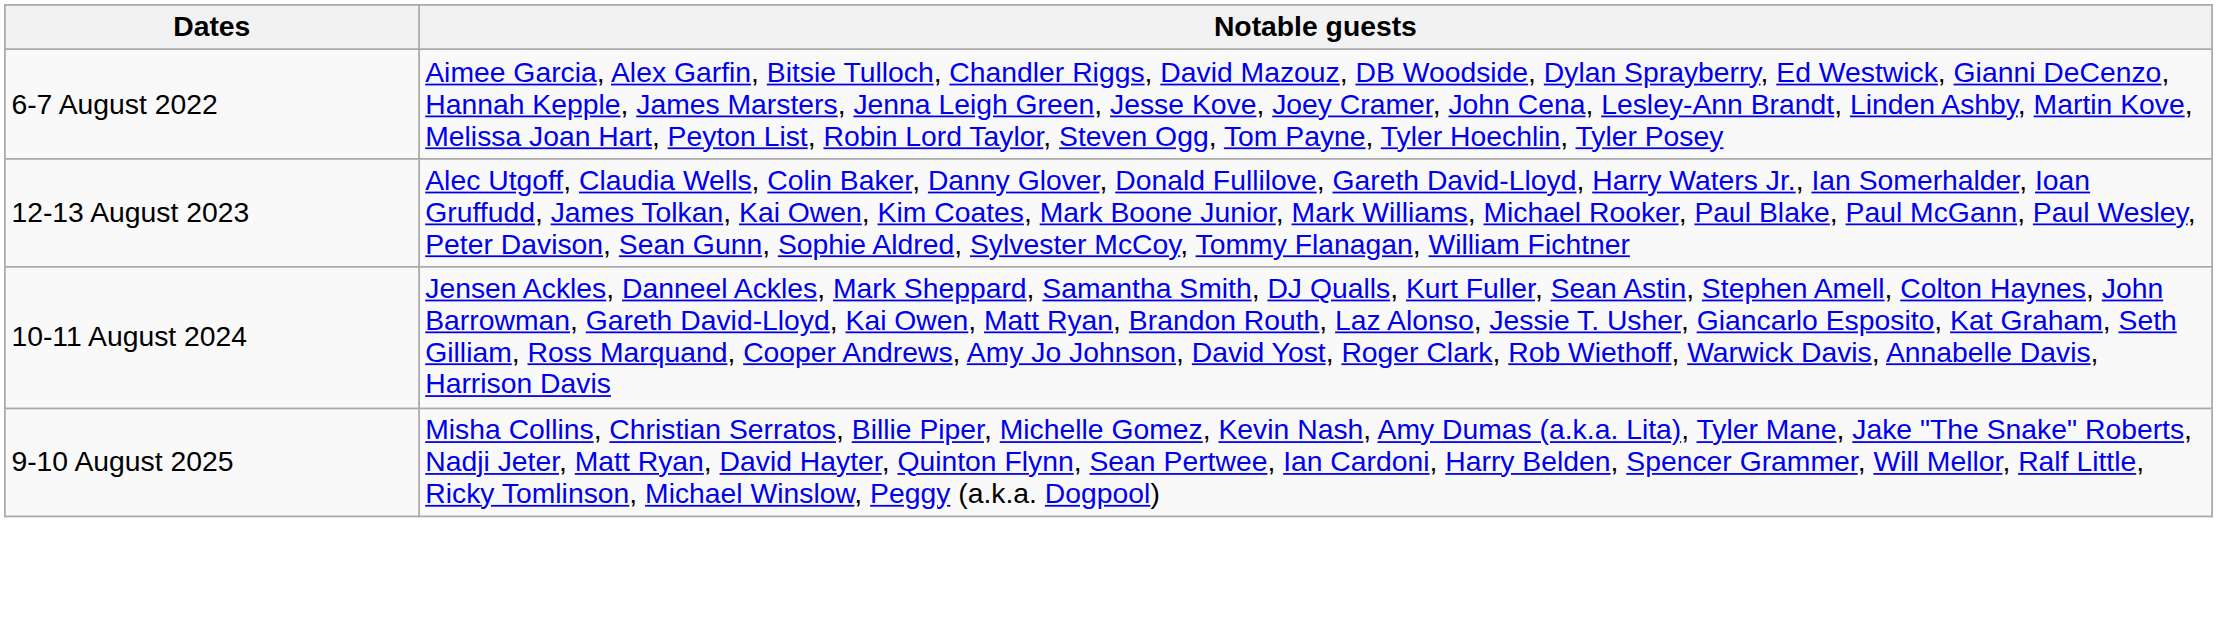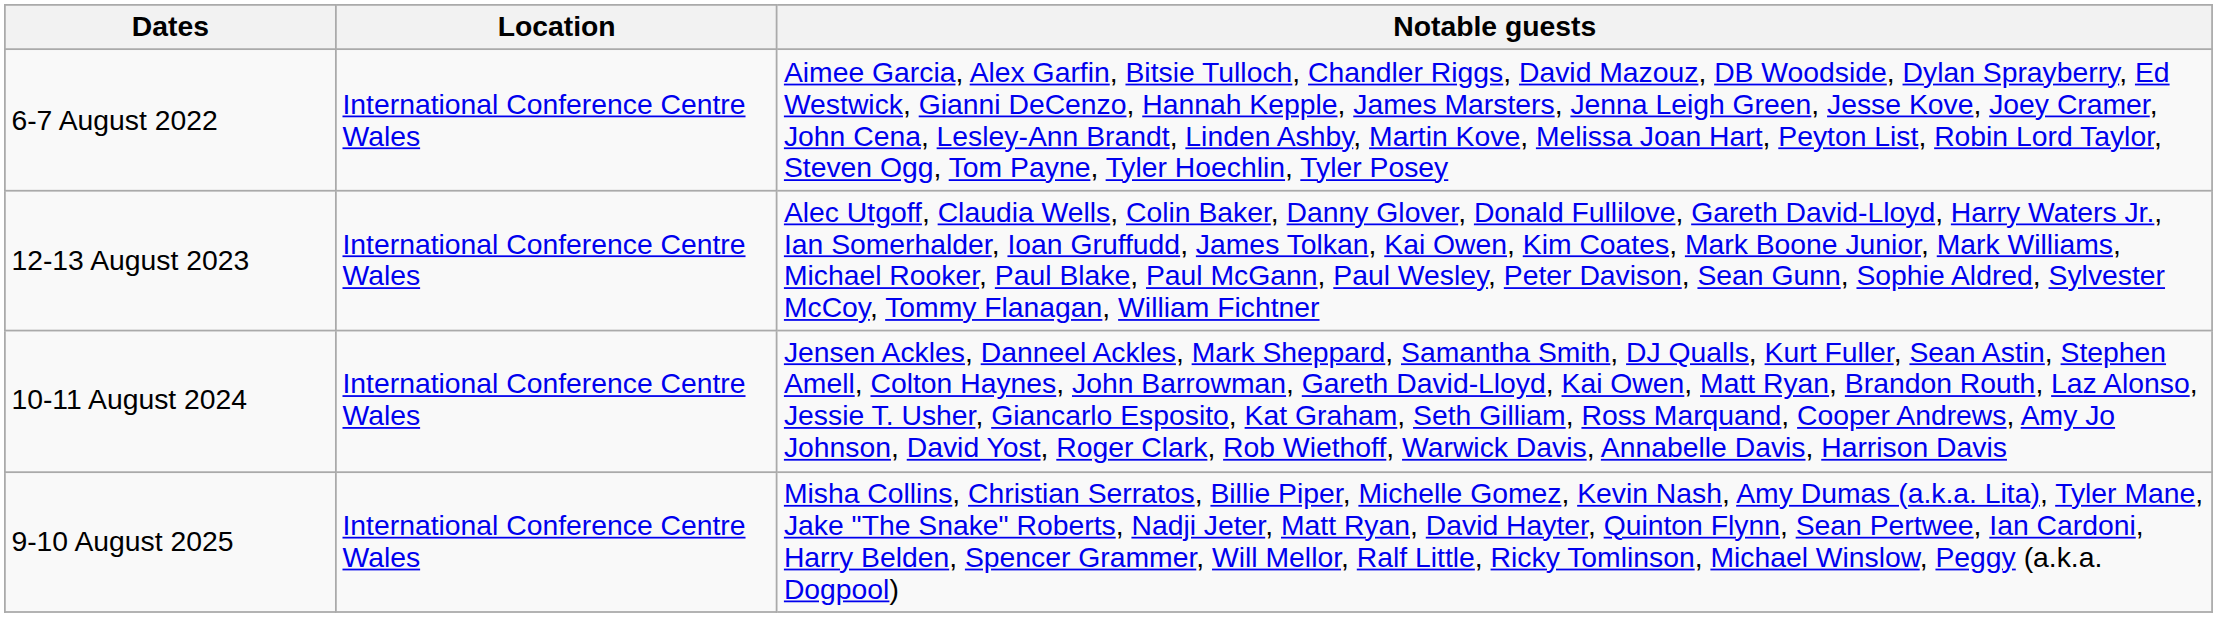 <table class="wikitable">
 <tr>
 <th style="width:15%;">Dates</th>
+<th style="width:20%;">Location</th>
 <th style="width:65%;">Notable guests</th>
 </tr>
 <tr>
 <td>6-7 August 2022</td>
+<td><a href='#'>International Conference Centre Wales</a></td>
 <td><a href='#'>Aimee Garcia</a>, <a href='#'>Alex Garfin</a>, <a href='#'>Bitsie Tulloch</a>, <a href='#'>Chandler Riggs</a>, <a href='#'>David Mazouz</a>, <a href='#'>DB Woodside</a>, <a href='#'>Dylan Sprayberry</a>, <a href='#'>Ed Westwick</a>, <a href='#'>Gianni DeCenzo</a>, <a href='#'>Hannah Kepple</a>, <a href='#'>James Marsters</a>, <a href='#'>Jenna Leigh Green</a>, <a href='#'>Jesse Kove</a>, <a href='#'>Joey Cramer</a>, <a href='#'>John Cena</a>, <a href='#'>Lesley-Ann Brandt</a>, <a href='#'>Linden Ashby</a>, <a href='#'>Martin Kove</a>, <a href='#'>Melissa Joan Hart</a>, <a href='#'>Peyton List</a>, <a href='#'>Robin Lord Taylor</a>, <a href='#'>Steven Ogg</a>, <a href='#'>Tom Payne</a>, <a href='#'>Tyler Hoechlin</a>, <a href='#'>Tyler Posey</a></td>
 </tr>
 <tr>
 <td>12-13 August 2023</td>
+<td><a href='#'>International Conference Centre Wales</a></td>
 <td><a href='#'>Alec Utgoff</a>, <a href='#'>Claudia Wells</a>, <a href='#'>Colin Baker</a>, <a href='#'>Danny Glover</a>, <a href='#'>Donald Fullilove</a>, <a href='#'>Gareth David-Lloyd</a>, <a href='#'>Harry Waters Jr.</a>, <a href='#'>Ian Somerhalder</a>, <a href='#'>Ioan Gruffudd</a>, <a href='#'>James Tolkan</a>, <a href='#'>Kai Owen</a>, <a href='#'>Kim Coates</a>, <a href='#'>Mark Boone Junior</a>, <a href='#'>Mark Williams</a>, <a href='#'>Michael Rooker</a>, <a href='#'>Paul Blake</a>, <a href='#'>Paul McGann</a>, <a href='#'>Paul Wesley</a>, <a href='#'>Peter Davison</a>, <a href='#'>Sean Gunn</a>, <a href='#'>Sophie Aldred</a>, <a href='#'>Sylvester McCoy</a>, <a href='#'>Tommy Flanagan</a>, <a href='#'>William Fichtner</a></td>
 </tr>
 <tr>
 <td>10-11 August 2024</td>
+<td><a href='#'>International Conference Centre Wales</a></td>
 <td><a href='#'>Jensen Ackles</a>, <a href='#'>Danneel Ackles</a>, <a href='#'>Mark Sheppard</a>, <a href='#'>Samantha Smith</a>, <a href='#'>DJ Qualls</a>, <a href='#'>Kurt Fuller</a>, <a href='#'>Sean Astin</a>, <a href='#'>Stephen Amell</a>, <a href='#'>Colton Haynes</a>, <a href='#'>John Barrowman</a>, <a href='#'>Gareth David-Lloyd</a>, <a href='#'>Kai Owen</a>, <a href='#'>Matt Ryan</a>, <a href='#'>Brandon Routh</a>, <a href='#'>Laz Alonso</a>, <a href='#'>Jessie T. Usher</a>, <a href='#'>Giancarlo Esposito</a>, <a href='#'>Kat Graham</a>, <a href='#'>Seth Gilliam</a>, <a href='#'>Ross Marquand</a>, <a href='#'>Cooper Andrews</a>, <a href='#'>Amy Jo Johnson</a>, <a href='#'>David Yost</a>, <a href='#'>Roger Clark</a>, <a href='#'>Rob Wiethoff</a>, <a href='#'>Warwick Davis</a>, <a href='#'>Annabelle Davis</a>, <a href='#'>Harrison Davis</a></td>
 </tr>
 <tr>
 <td>9-10 August 2025</td>
+<td><a href='#'>International Conference Centre Wales</a></td>
 <td><a href='#'>Misha Collins</a>, <a href='#'>Christian Serratos</a>, <a href='#'>Billie Piper</a>, <a href='#'>Michelle Gomez</a>, <a href='#'>Kevin Nash</a>, <a href='#'>Amy Dumas (a.k.a. Lita)</a>, <a href='#'>Tyler Mane</a>, <a href='#'>Jake "The Snake" Roberts</a>, <a href='#'>Nadji Jeter</a>, <a href='#'>Matt Ryan</a>, <a href='#'>David Hayter</a>, <a href='#'>Quinton Flynn</a>, <a href='#'>Sean Pertwee</a>, <a href='#'>Ian Cardoni</a>, <a href='#'>Harry Belden</a>, <a href='#'>Spencer Grammer</a>, <a href='#'>Will Mellor</a>, <a href='#'>Ralf Little</a>, <a href='#'>Ricky Tomlinson</a>, <a href='#'>Michael Winslow</a>, <a href='#'>Peggy</a> (a.k.a. <a href='#'>Dogpool</a>)</td>
 </tr>
 </table>
